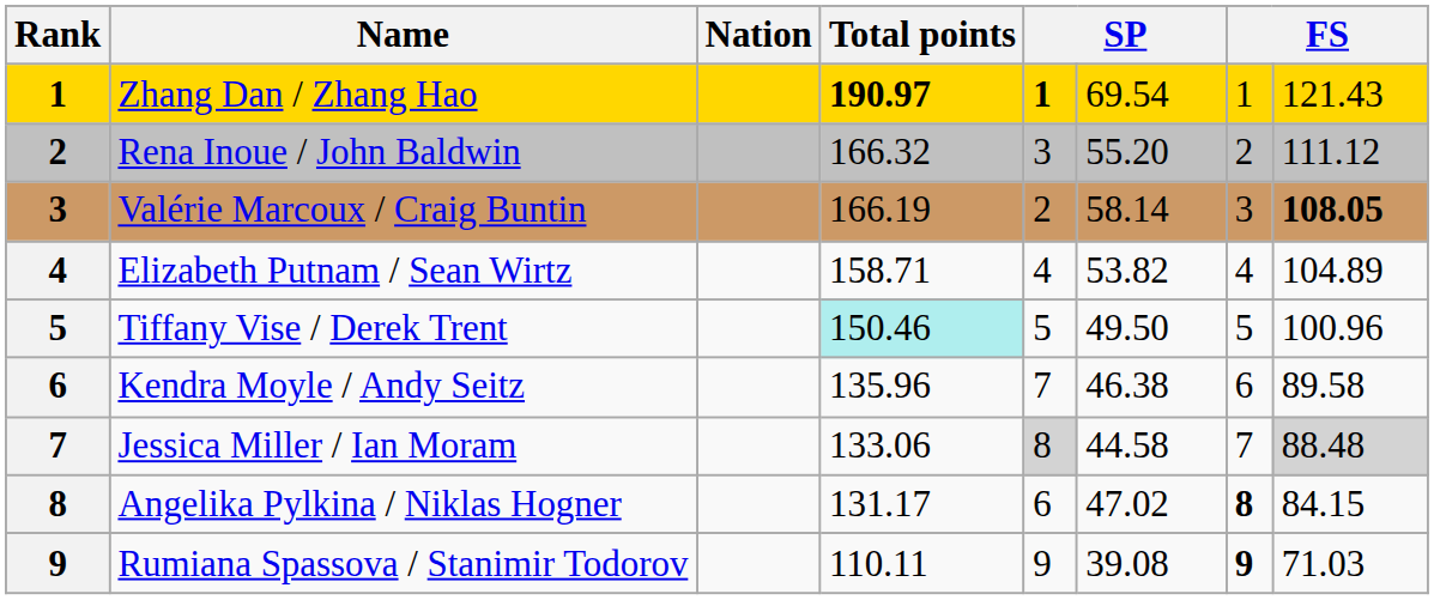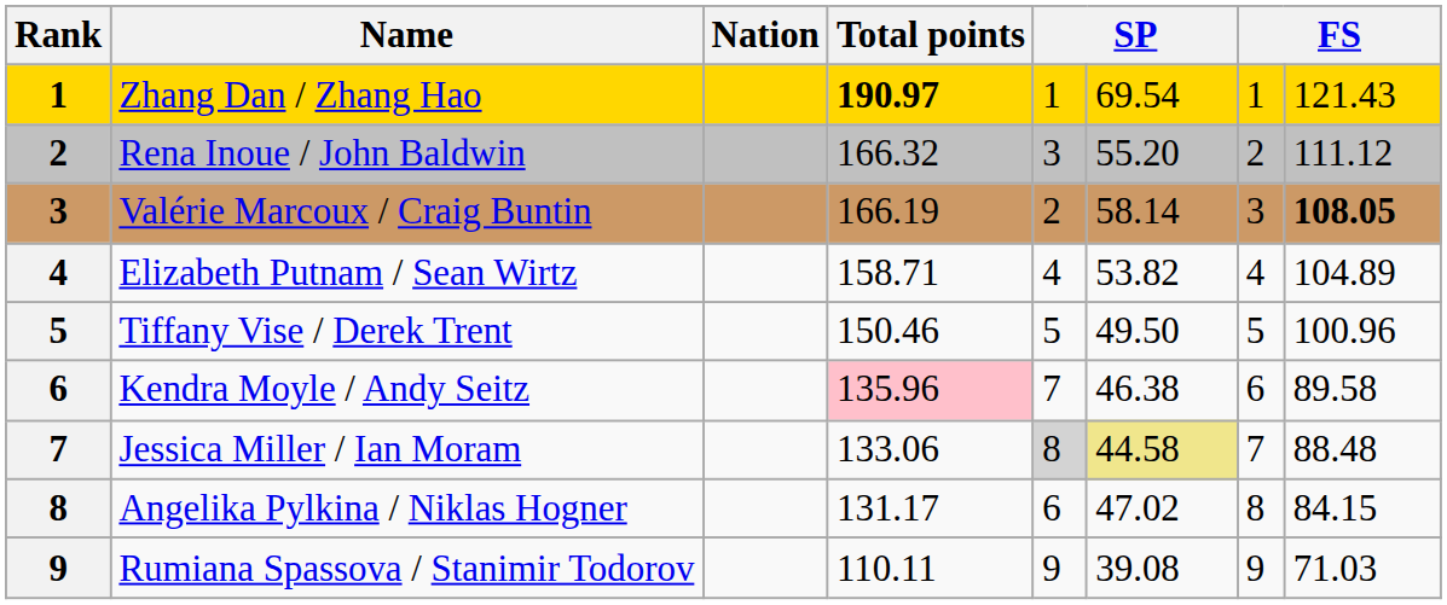 <table class="wikitable">
 <tr>
 <th>Rank</th>
 <th>Name</th>
 <th>Nation</th>
 <th>Total points</th>
 <th colspan="2" width="80px"><a href='#'>SP</a></th>
 <th colspan="2" width="80px"><a href='#'>FS</a></th>
 </tr>
 <tr bgcolor="gold">
 <td align="center"><strong>1</strong></td>
 <td><a href='#'>Zhang Dan</a> / <a href='#'>Zhang Hao</a></td>
 <td></td>
 <td><strong>190.97</strong></td>
-<td><strong>1</strong></td>
+<td>1</td>
 <td>69.54</td>
 <td>1</td>
 <td>121.43</td>
 </tr>
 <tr bgcolor="silver">
 <td align="center"><strong>2</strong></td>
 <td><a href='#'>Rena Inoue</a> / <a href='#'>John Baldwin</a></td>
 <td></td>
 <td>166.32</td>
 <td>3</td>
 <td>55.20</td>
 <td>2</td>
 <td>111.12</td>
 </tr>
 <tr bgcolor="cc9966">
 <td align="center"><strong>3</strong></td>
 <td><a href='#'>Valérie Marcoux</a> / <a href='#'>Craig Buntin</a></td>
 <td></td>
 <td>166.19</td>
 <td>2</td>
 <td>58.14</td>
 <td>3</td>
 <td><strong>108.05</strong></td>
 </tr>
 <tr>
 <th>4</th>
 <td><a href='#'>Elizabeth Putnam</a> / <a href='#'>Sean Wirtz</a></td>
 <td></td>
 <td>158.71</td>
 <td>4</td>
 <td>53.82</td>
 <td>4</td>
 <td>104.89</td>
 </tr>
 <tr>
 <th>5</th>
 <td><a href='#'>Tiffany Vise</a> / <a href='#'>Derek Trent</a></td>
 <td></td>
-<td style="background: paleturquoise;">150.46</td>
+<td>150.46</td>
 <td>5</td>
 <td>49.50</td>
 <td>5</td>
 <td>100.96</td>
 </tr>
 <tr>
 <th>6</th>
 <td><a href='#'>Kendra Moyle</a> / <a href='#'>Andy Seitz</a></td>
 <td></td>
-<td>135.96</td>
+<td style="background: pink;">135.96</td>
 <td>7</td>
 <td>46.38</td>
 <td>6</td>
 <td>89.58</td>
 </tr>
 <tr>
 <th>7</th>
 <td><a href='#'>Jessica Miller</a> / <a href='#'>Ian Moram</a></td>
 <td></td>
 <td>133.06</td>
 <td style="background: lightgrey;">8</td>
-<td>44.58</td>
+<td style="background: khaki;">44.58</td>
 <td>7</td>
-<td style="background: lightgrey;">88.48</td>
+<td>88.48</td>
 </tr>
 <tr>
 <th>8</th>
 <td><a href='#'>Angelika Pylkina</a> / <a href='#'>Niklas Hogner</a></td>
 <td></td>
 <td>131.17</td>
 <td>6</td>
 <td>47.02</td>
-<td><strong>8</strong></td>
+<td>8</td>
 <td>84.15</td>
 </tr>
 <tr>
 <th>9</th>
 <td><a href='#'>Rumiana Spassova</a> / <a href='#'>Stanimir Todorov</a></td>
 <td></td>
 <td>110.11</td>
 <td>9</td>
 <td>39.08</td>
-<td><strong>9</strong></td>
+<td>9</td>
 <td>71.03</td>
 </tr>
 </table>
